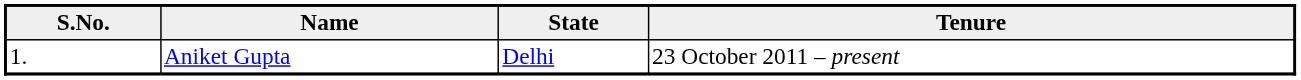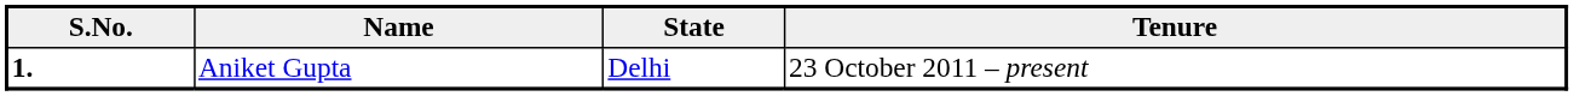 <table class="sortable" style="border-collapse: collapse; border: 2px #000000 solid; font-size: x-big; font-family: verdana" width="70%" cellspacing="0" cellpadding="2" border="1">
 <tr bgcolor="efefef" align="center">
 <th>S.No.</th>
 <th>Name</th>
 <th>State</th>
 <th>Tenure</th>
 </tr>
 <tr>
-<td>1.</td>
+<td><strong>1.</strong></td>
 <td><a href='#'>Aniket Gupta</a></td>
 <td><a href='#'>Delhi</a></td>
 <td>23 October 2011 – <em>present</em></td>
 </tr>
 <tr>
 </tr>
 </table>
